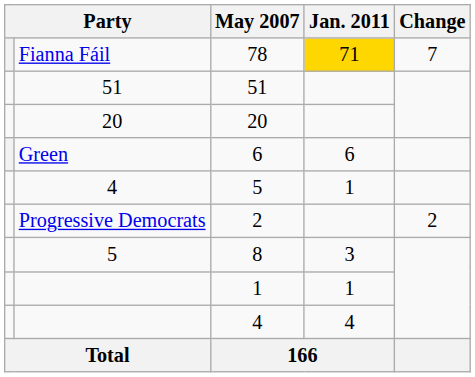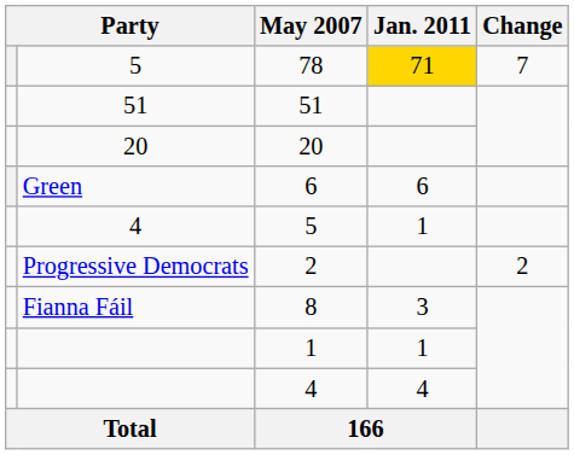 <table class="wikitable sortable" style="font-size: 95%;">
 <tr>
 <th colspan=2>Party</th>
 <th>May 2007</th>
 <th>Jan. 2011</th>
 <th class=unsortable>Change</th>
 </tr>
 <tr>
 <th style="background-color: "></th>
-<td><a href='#'>Fianna Fáil</a></td>
+<td align="center">5</td>
 <td align="center">78</td>
 <td align="center" style="background: gold;">71</td>
 <td align="center"> 7</td>
 </tr>
 <tr>
 <td></td>
 <td align="center">51</td>
 <td align="center">51</td>
 <td align="center"></td>
 </tr>
 <tr>
 <td></td>
 <td align="center">20</td>
 <td align="center">20</td>
 <td align="center"></td>
 </tr>
 <tr>
 <th style="background-color: "></th>
 <td><a href='#'>Green</a></td>
 <td align="center">6</td>
 <td align="center">6</td>
 <td align="center"></td>
 </tr>
 <tr>
 <td></td>
 <td align="center">4</td>
 <td align="center">5</td>
 <td align="center"> 1</td>
 </tr>
 <tr>
 <td style="background-color: "></td>
 <td><a href='#'>Progressive Democrats</a></td>
 <td align="center">2</td>
 <td></td>
 <td align="center"> 2</td>
 </tr>
 <tr>
 <td></td>
-<td align="center">5</td>
+<td><a href='#'>Fianna Fáil</a></td>
 <td align="center">8</td>
 <td align="center"> 3</td>
 </tr>
 <tr>
 <td></td>
 <td></td>
 <td align="center">1</td>
 <td align="center"> 1</td>
 </tr>
 <tr>
 <td></td>
 <td></td>
 <td align="center">4</td>
 <td align="center"> 4</td>
 </tr>
 <tr>
 <th colspan="2"><strong>Total</strong></th>
 <th colspan="2" align="center"><strong>166</strong></th>
 <th align="center"></th>
 </tr>
 </table>
